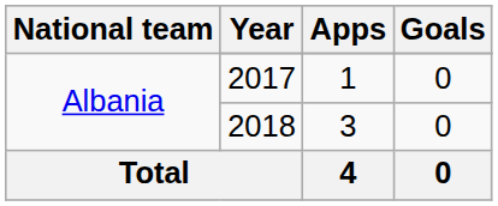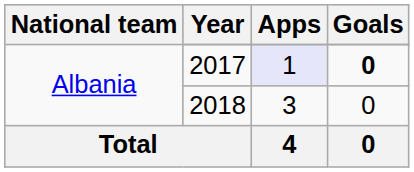 <table class="wikitable" style="text-align: center;">
 <tr>
 <th>National team</th>
 <th>Year</th>
 <th>Apps</th>
 <th>Goals</th>
 </tr>
 <tr>
 <td rowspan="3"><a href='#'>Albania</a></td>
 </tr>
 <tr>
 <td>2017</td>
-<td>1</td>
-<td>0</td>
+<td style="background: lavender;">1</td>
+<td><strong>0</strong></td>
 </tr>
 <tr>
 <td>2018</td>
 <td>3</td>
 <td>0</td>
 </tr>
 <tr>
 <th colspan=2>Total</th>
 <th>4</th>
 <th>0</th>
 </tr>
 </table>
